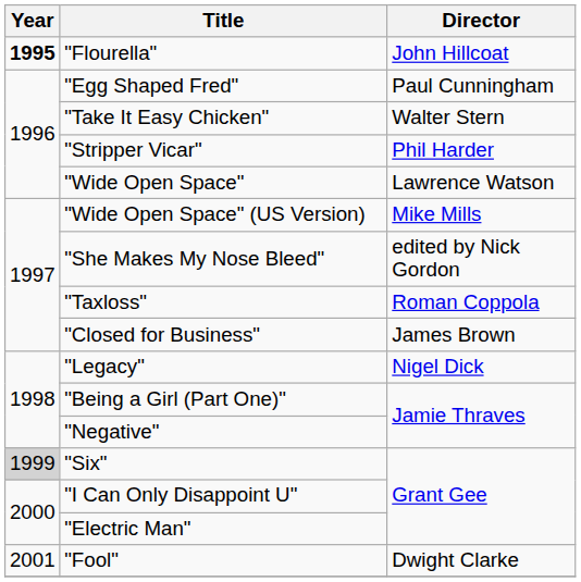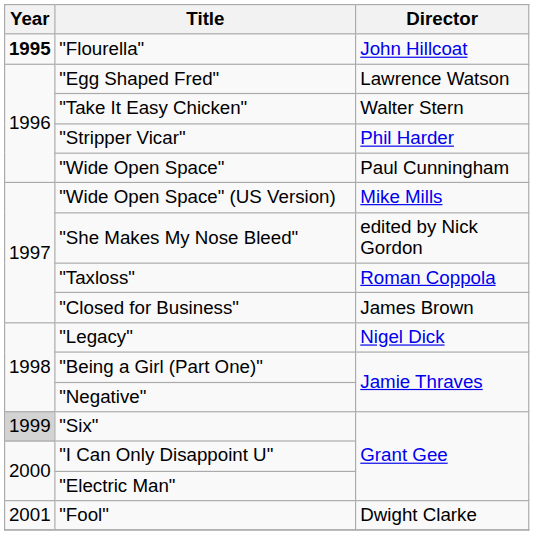 <table class="wikitable" border="1">
 <tr>
 <th>Year</th>
 <th width="250">Title</th>
 <th width="140">Director</th>
 </tr>
 <tr>
 <td><strong>1995</strong></td>
 <td>"Flourella"</td>
 <td><a href='#'>John Hillcoat</a></td>
 </tr>
 <tr>
 <td rowspan=4>1996</td>
 <td>"Egg Shaped Fred"</td>
-<td>Paul Cunningham</td>
+<td>Lawrence Watson</td>
 </tr>
 <tr>
 <td>"Take It Easy Chicken"</td>
 <td>Walter Stern</td>
 </tr>
 <tr>
 <td>"Stripper Vicar"</td>
 <td><a href='#'>Phil Harder</a></td>
 </tr>
 <tr>
 <td>"Wide Open Space"</td>
-<td>Lawrence Watson</td>
+<td>Paul Cunningham</td>
 </tr>
 <tr>
 <td rowspan=4>1997</td>
 <td>"Wide Open Space" (US Version)</td>
 <td><a href='#'>Mike Mills</a></td>
 </tr>
 <tr>
 <td>"She Makes My Nose Bleed"</td>
 <td>edited by Nick Gordon</td>
 </tr>
 <tr>
 <td>"Taxloss"</td>
 <td><a href='#'>Roman Coppola</a></td>
 </tr>
 <tr>
 <td>"Closed for Business"</td>
 <td>James Brown</td>
 </tr>
 <tr>
 <td rowspan=3>1998</td>
 <td>"Legacy"</td>
 <td><a href='#'>Nigel Dick</a></td>
 </tr>
 <tr>
 <td>"Being a Girl (Part One)"</td>
 <td rowspan=2><a href='#'>Jamie Thraves</a></td>
 </tr>
 <tr>
 <td>"Negative"</td>
 </tr>
 <tr>
 <td style="background: lightgrey;">1999</td>
 <td>"Six"</td>
 <td rowspan=3><a href='#'>Grant Gee</a></td>
 </tr>
 <tr>
 <td rowspan=2>2000</td>
 <td>"I Can Only Disappoint U"</td>
 </tr>
 <tr>
 <td>"Electric Man"</td>
 </tr>
 <tr>
 <td>2001</td>
 <td>"Fool"</td>
 <td>Dwight Clarke</td>
 </tr>
 <tr>
 </tr>
 </table>
